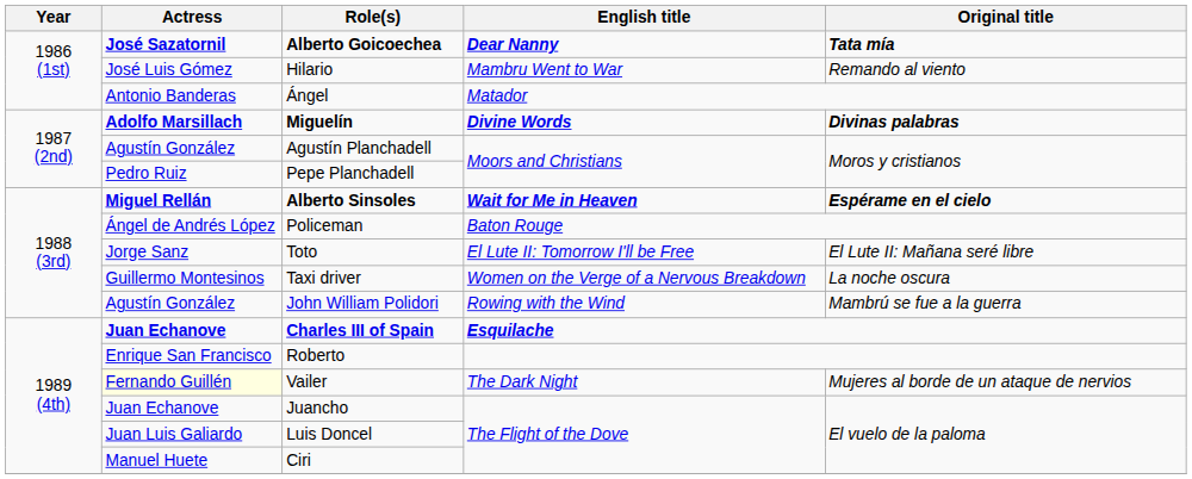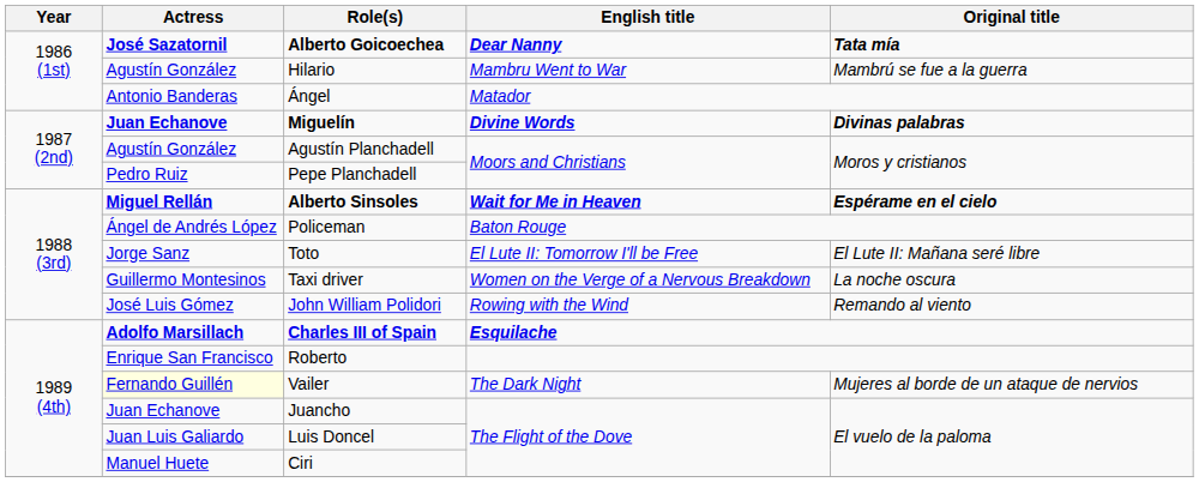 <table class="wikitable sortable" style="text-align:left;">
 <tr>
 <th scope="col" style="width:8%;">Year</th>
 <th scope="col" style="width:15%;">Actress</th>
 <th scope="col" style="width:15%;">Role(s)</th>
 <th scope="col" style="width:30%;">English title</th>
 <th scope="col" style="width:30%;">Original title</th>
 </tr>
 <tr>
 <td rowspan="3" style="text-align:center;">1986<br><a href='#'>(1st)</a><br><br></td>
 <td style="background:"><strong><a href='#'>José Sazatornil</a></strong></td>
 <td style="background:"><strong>Alberto Goicoechea</strong></td>
 <td style="background:"><strong><em><a href='#'>Dear Nanny</a></em></strong></td>
 <td style="background:"><strong><em>Tata mía</em></strong></td>
 </tr>
 <tr>
-<td><a href='#'>José Luis Gómez</a></td>
+<td><a href='#'>Agustín González</a></td>
 <td>Hilario</td>
 <td><em><a href='#'>Mambru Went to War</a></em></td>
-<td><em>Remando al viento</em></td>
+<td><em>Mambrú se fue a la guerra</em></td>
 </tr>
 <tr>
 <td><a href='#'>Antonio Banderas</a></td>
 <td>Ángel</td>
 <td colspan="2"><em><a href='#'>Matador</a></em></td>
 </tr>
 <tr>
 <td rowspan="3" style="text-align:center;">1987<br><a href='#'>(2nd)</a></td>
-<td style="background:"><strong><a href='#'>Adolfo Marsillach</a></strong></td>
+<td style="background:"><strong><a href='#'>Juan Echanove</a></strong></td>
 <td style="background:"><strong>Miguelín</strong></td>
 <td style="background:"><strong><em><a href='#'>Divine Words</a></em></strong></td>
 <td colspan="2" style="background:"><strong><em>Divinas palabras</em></strong></td>
 </tr>
 <tr>
 <td><a href='#'>Agustín González</a></td>
 <td>Agustín Planchadell</td>
 <td rowspan="2"><em><a href='#'>Moors and Christians</a></em></td>
 <td rowspan = "2"><em>Moros y cristianos</em></td>
 </tr>
 <tr>
 <td><a href='#'>Pedro Ruiz</a></td>
 <td>Pepe Planchadell</td>
 </tr>
 <tr>
 <td rowspan="5" style="text-align:center;">1988<br><a href='#'>(3rd)</a></td>
 <td style="background:"><strong><a href='#'>Miguel Rellán</a></strong></td>
 <td style="background:"><strong>Alberto Sinsoles</strong></td>
 <td style="background:"><strong><em><a href='#'>Wait for Me in Heaven</a></em></strong></td>
 <td style="background:"><strong><em>Espérame en el cielo</em></strong></td>
 </tr>
 <tr>
 <td><a href='#'>Ángel de Andrés López</a></td>
 <td>Policeman</td>
 <td colspan="2"><em><a href='#'>Baton Rouge</a></em></td>
 </tr>
 <tr>
 <td><a href='#'>Jorge Sanz</a></td>
 <td>Toto</td>
 <td><em><a href='#'>El Lute II: Tomorrow I'll be Free</a></em></td>
 <td><em>El Lute II: Mañana seré libre</em></td>
 </tr>
 <tr>
 <td><a href='#'>Guillermo Montesinos</a></td>
 <td>Taxi driver</td>
 <td><em><a href='#'>Women on the Verge of a Nervous Breakdown</a></em></td>
 <td><em>La noche oscura</em></td>
 </tr>
 <tr>
-<td><a href='#'>Agustín González</a></td>
+<td><a href='#'>José Luis Gómez</a></td>
 <td><a href='#'>John William Polidori</a></td>
 <td><em><a href='#'>Rowing with the Wind</a></em></td>
-<td><em>Mambrú se fue a la guerra</em></td>
+<td><em>Remando al viento</em></td>
 </tr>
 <tr>
 <td rowspan="6" style="text-align:center;">1989<br><a href='#'>(4th)</a></td>
-<td style="background:"><strong><a href='#'>Juan Echanove</a></strong></td>
+<td style="background:"><strong><a href='#'>Adolfo Marsillach</a></strong></td>
 <td style="background:"><strong><a href='#'>Charles III of Spain</a></strong></td>
 <td colspan="2" style="background:"><strong><em><a href='#'>Esquilache</a></em></strong></td>
 </tr>
 <tr>
 <td><a href='#'>Enrique San Francisco</a></td>
 <td>Roberto</td>
 <td colspan="2"><em></em></td>
 </tr>
 <tr>
 <td style="background: lightyellow;"><a href='#'>Fernando Guillén</a></td>
 <td>Vailer</td>
 <td><em><a href='#'>The Dark Night</a></em></td>
 <td><em>Mujeres al borde de un ataque de nervios</em></td>
 </tr>
 <tr>
 <td><a href='#'>Juan Echanove</a></td>
 <td>Juancho</td>
 <td rowspan="3"><em><a href='#'>The Flight of the Dove</a></em></td>
 <td rowspan="3"><em>El vuelo de la paloma</em></td>
 </tr>
 <tr>
 <td><a href='#'>Juan Luis Galiardo</a></td>
 <td>Luis Doncel</td>
 </tr>
 <tr>
 <td><a href='#'>Manuel Huete</a></td>
 <td>Ciri</td>
 </tr>
 <tr>
 </tr>
 </table>
